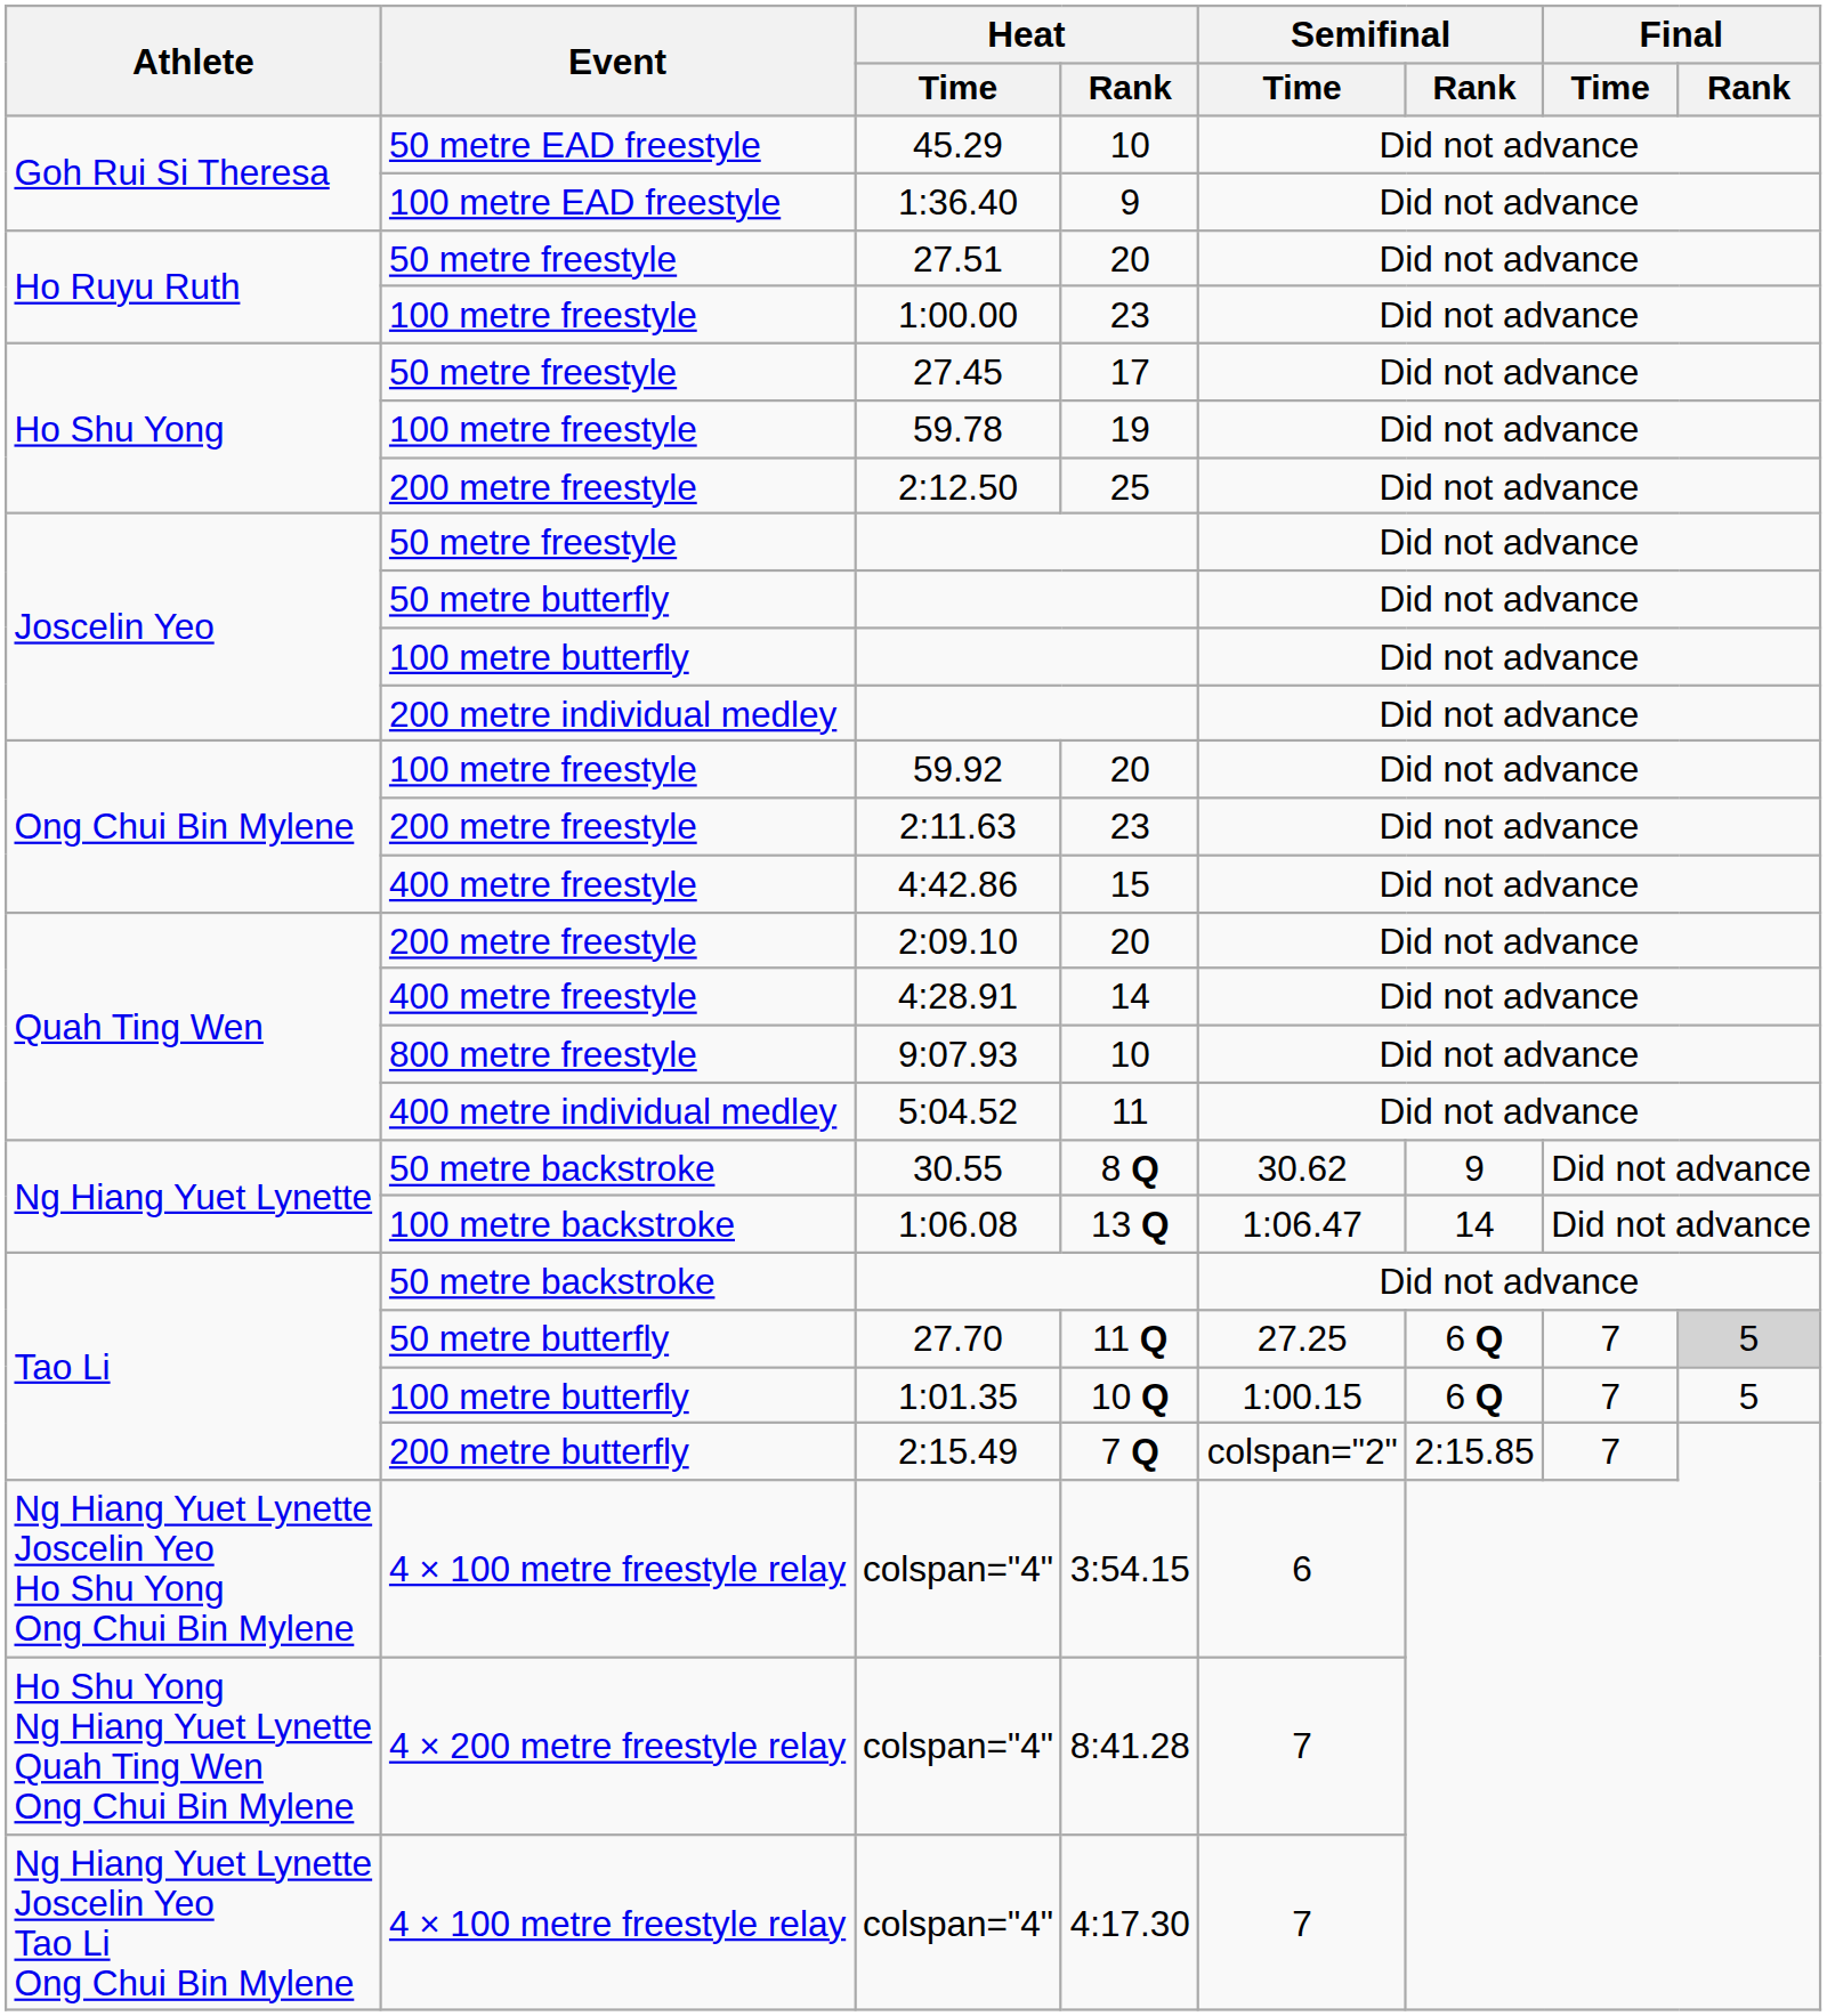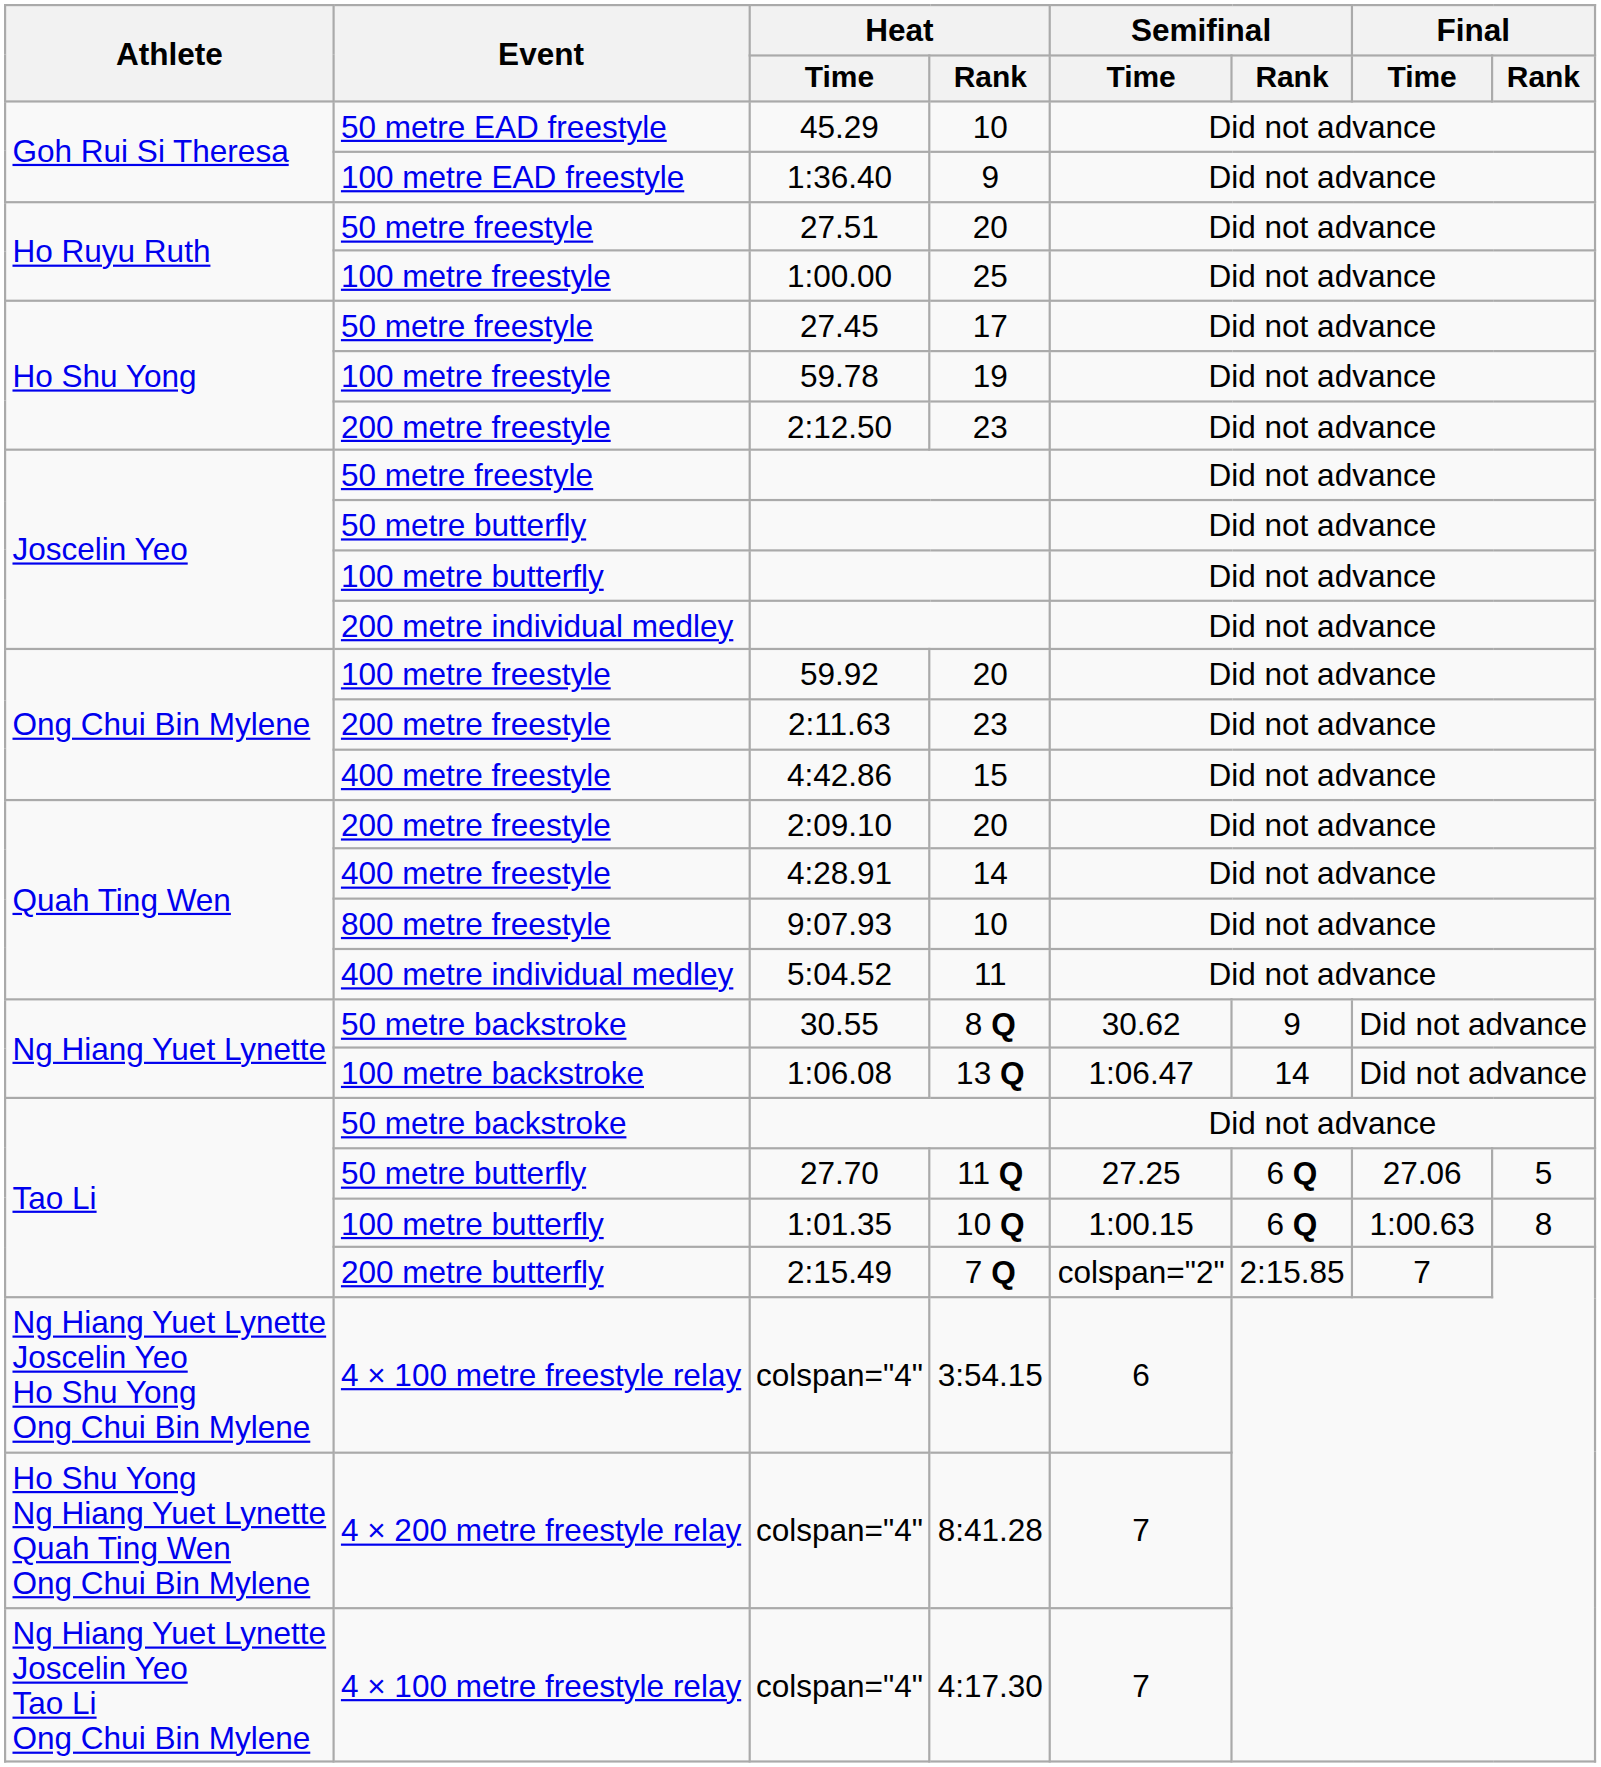 <table class="wikitable" style="font-size:90%">
 <tr>
 <th rowspan="2">Athlete</th>
 <th rowspan="2">Event</th>
 <th colspan="2">Heat</th>
 <th colspan="2">Semifinal</th>
 <th colspan="2">Final</th>
 </tr>
 <tr style="font-size:95%">
 <th>Time</th>
 <th>Rank</th>
 <th>Time</th>
 <th>Rank</th>
 <th>Time</th>
 <th>Rank</th>
 </tr>
 <tr align="center">
 <td rowspan="2" align="left"><a href='#'>Goh Rui Si Theresa</a></td>
 <td align="left"><a href='#'>50 metre EAD freestyle</a></td>
 <td>45.29</td>
 <td>10</td>
 <td colspan="4">Did not advance</td>
 </tr>
 <tr align="center">
 <td align="left"><a href='#'>100 metre EAD freestyle</a></td>
 <td>1:36.40</td>
 <td>9</td>
 <td colspan="4">Did not advance</td>
 </tr>
 <tr align="center">
 <td rowspan="2" align="left"><a href='#'>Ho Ruyu Ruth</a></td>
 <td align="left"><a href='#'>50 metre freestyle</a></td>
 <td>27.51</td>
 <td>20</td>
 <td colspan="4">Did not advance</td>
 </tr>
 <tr align="center">
 <td align="left"><a href='#'>100 metre freestyle</a></td>
 <td>1:00.00</td>
-<td>23</td>
+<td>25</td>
 <td colspan="4">Did not advance</td>
 </tr>
 <tr align="center">
 <td rowspan="3" align="left"><a href='#'>Ho Shu Yong</a></td>
 <td align="left"><a href='#'>50 metre freestyle</a></td>
 <td>27.45</td>
 <td>17</td>
 <td colspan="4">Did not advance</td>
 </tr>
 <tr align="center">
 <td align="left"><a href='#'>100 metre freestyle</a></td>
 <td>59.78</td>
 <td>19</td>
 <td colspan="4">Did not advance</td>
 </tr>
 <tr align="center">
 <td align="left"><a href='#'>200 metre freestyle</a></td>
 <td>2:12.50</td>
-<td>25</td>
+<td>23</td>
 <td colspan="4">Did not advance</td>
 </tr>
 <tr align="center">
 <td rowspan="4" align="left"><a href='#'>Joscelin Yeo</a></td>
 <td align="left"><a href='#'>50 metre freestyle</a></td>
 <td colspan="2"></td>
 <td colspan="4">Did not advance</td>
 </tr>
 <tr align="center">
 <td align="left"><a href='#'>50 metre butterfly</a></td>
 <td colspan="2"></td>
 <td colspan="4">Did not advance</td>
 </tr>
 <tr align="center">
 <td align="left"><a href='#'>100 metre butterfly</a></td>
 <td colspan="2"></td>
 <td colspan="4">Did not advance</td>
 </tr>
 <tr align="center">
 <td align="left"><a href='#'>200 metre individual medley</a></td>
 <td colspan="2"></td>
 <td colspan="4">Did not advance</td>
 </tr>
 <tr align="center">
 <td rowspan="3" align="left"><a href='#'>Ong Chui Bin Mylene</a></td>
 <td align="left"><a href='#'>100 metre freestyle</a></td>
 <td>59.92</td>
 <td>20</td>
 <td colspan="4">Did not advance</td>
 </tr>
 <tr align="center">
 <td align="left"><a href='#'>200 metre freestyle</a></td>
 <td>2:11.63</td>
 <td>23</td>
 <td colspan="4">Did not advance</td>
 </tr>
 <tr align="center">
 <td align="left"><a href='#'>400 metre freestyle</a></td>
 <td>4:42.86</td>
 <td>15</td>
 <td colspan="4">Did not advance</td>
 </tr>
 <tr align="center">
 <td rowspan="4" align="left"><a href='#'>Quah Ting Wen</a></td>
 <td align="left"><a href='#'>200 metre freestyle</a></td>
 <td>2:09.10</td>
 <td>20</td>
 <td colspan="4">Did not advance</td>
 </tr>
 <tr align="center">
 <td align="left"><a href='#'>400 metre freestyle</a></td>
 <td>4:28.91</td>
 <td>14</td>
 <td colspan="4">Did not advance</td>
 </tr>
 <tr align="center">
 <td align="left"><a href='#'>800 metre freestyle</a></td>
 <td>9:07.93</td>
 <td>10</td>
 <td colspan="4">Did not advance</td>
 </tr>
 <tr align="center">
 <td align="left"><a href='#'>400 metre individual medley</a></td>
 <td>5:04.52</td>
 <td>11</td>
 <td colspan="4">Did not advance</td>
 </tr>
 <tr align="center">
 <td rowspan="2" align="left"><a href='#'>Ng Hiang Yuet Lynette</a></td>
 <td align="left"><a href='#'>50 metre backstroke</a></td>
 <td>30.55</td>
 <td>8 <strong>Q</strong></td>
 <td>30.62</td>
 <td>9</td>
 <td colspan="2">Did not advance</td>
 </tr>
 <tr align="center">
 <td align="left"><a href='#'>100 metre backstroke</a></td>
 <td>1:06.08</td>
 <td>13 <strong>Q</strong></td>
 <td>1:06.47</td>
 <td>14</td>
 <td colspan="2">Did not advance</td>
 </tr>
 <tr align="center">
 <td rowspan="4" align="left"><a href='#'>Tao Li</a></td>
 <td align="left"><a href='#'>50 metre backstroke</a></td>
 <td colspan="2"></td>
 <td colspan="4">Did not advance</td>
 </tr>
 <tr align="center">
 <td align="left"><a href='#'>50 metre butterfly</a></td>
 <td>27.70</td>
 <td>11 <strong>Q</strong></td>
 <td>27.25</td>
 <td>6 <strong>Q</strong></td>
-<td>7</td>
-<td style="background: lightgrey;">5</td>
+<td>27.06</td>
+<td>5</td>
 </tr>
 <tr align="center">
 <td align="left"><a href='#'>100 metre butterfly</a></td>
 <td>1:01.35</td>
 <td>10 <strong>Q</strong></td>
 <td>1:00.15</td>
 <td>6 <strong>Q</strong></td>
-<td>7</td>
-<td>5</td>
+<td>1:00.63</td>
+<td>8</td>
 </tr>
 <tr align="center">
 <td align="left"><a href='#'>200 metre butterfly</a></td>
 <td>2:15.49</td>
 <td>7 <strong>Q</strong></td>
 <td>colspan="2" </td>
 <td>2:15.85</td>
 <td>7</td>
 </tr>
 <tr align="center">
 <td align="left"><a href='#'>Ng Hiang Yuet Lynette</a><br><a href='#'>Joscelin Yeo</a><br><a href='#'>Ho Shu Yong</a><br><a href='#'>Ong Chui Bin Mylene</a></td>
 <td align="left"><a href='#'>4 × 100 metre freestyle relay</a></td>
 <td>colspan="4" </td>
 <td>3:54.15</td>
 <td>6</td>
 </tr>
 <tr align="center">
 <td align="left"><a href='#'>Ho Shu Yong</a><br><a href='#'>Ng Hiang Yuet Lynette</a><br><a href='#'>Quah Ting Wen</a><br><a href='#'>Ong Chui Bin Mylene</a></td>
 <td align="left"><a href='#'>4 × 200 metre freestyle relay</a></td>
 <td>colspan="4" </td>
 <td>8:41.28</td>
 <td>7</td>
 </tr>
 <tr align="center">
 <td align="left"><a href='#'>Ng Hiang Yuet Lynette</a><br><a href='#'>Joscelin Yeo</a><br><a href='#'>Tao Li</a><br><a href='#'>Ong Chui Bin Mylene</a></td>
 <td align="left"><a href='#'>4 × 100 metre freestyle relay</a></td>
 <td>colspan="4" </td>
 <td>4:17.30</td>
 <td>7</td>
 </tr>
 </table>
